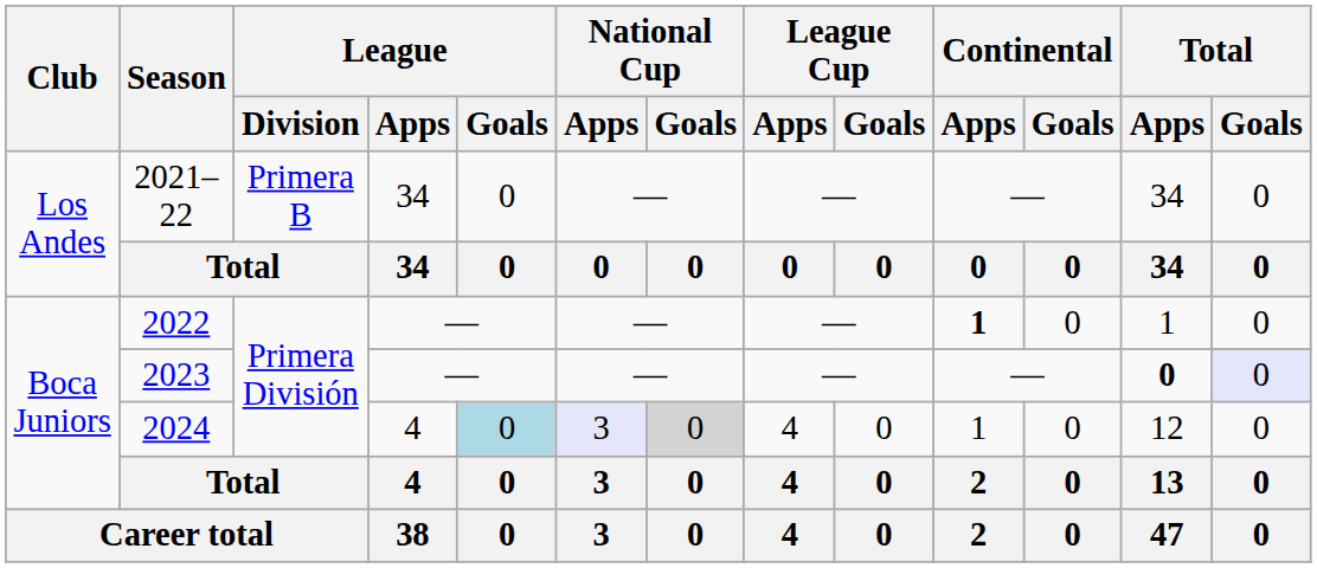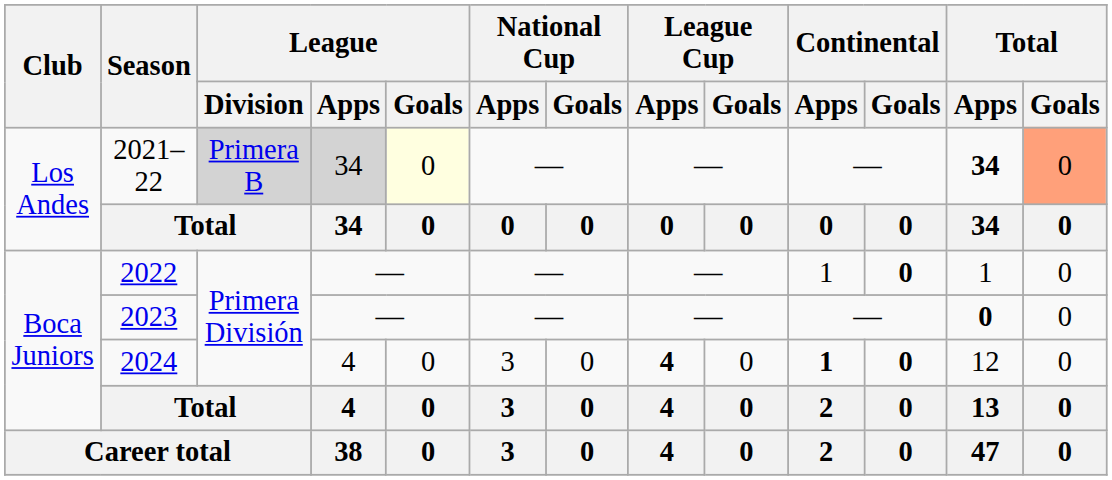 <table class="wikitable" style="text-align:center">
 <tr>
 <th rowspan="2">Club</th>
 <th rowspan="2">Season</th>
 <th colspan="3">League</th>
 <th colspan="2">National Cup</th>
 <th colspan="2">League Cup</th>
 <th colspan="2">Continental</th>
 <th colspan="2">Total</th>
 </tr>
 <tr>
 <th>Division</th>
 <th>Apps</th>
 <th>Goals</th>
 <th>Apps</th>
 <th>Goals</th>
 <th>Apps</th>
 <th>Goals</th>
 <th>Apps</th>
 <th>Goals</th>
 <th>Apps</th>
 <th>Goals</th>
 </tr>
 <tr>
 <td rowspan=2><a href='#'>Los Andes</a></td>
 <td>2021–22</td>
-<td><a href='#'>Primera B</a></td>
-<td>34</td>
-<td>0</td>
+<td style="background: lightgrey;"><a href='#'>Primera B</a></td>
+<td style="background: lightgrey;">34</td>
+<td style="background: lightyellow;">0</td>
 <td colspan="2">—</td>
 <td colspan="2">—</td>
 <td colspan="2">—</td>
-<td>34</td>
-<td>0</td>
+<td><strong>34</strong></td>
+<td style="background: lightsalmon;">0</td>
 </tr>
 <tr>
 <th colspan="2">Total</th>
 <th>34</th>
 <th>0</th>
 <th>0</th>
 <th>0</th>
 <th>0</th>
 <th>0</th>
 <th>0</th>
 <th>0</th>
 <th>34</th>
 <th>0</th>
 </tr>
 <tr>
 <td rowspan="4"><a href='#'>Boca Juniors</a></td>
 <td><a href='#'>2022</a></td>
 <td rowspan="3"><a href='#'>Primera División</a></td>
 <td colspan="2">—</td>
 <td colspan="2">—</td>
 <td colspan="2">—</td>
-<td><strong>1</strong></td>
-<td>0</td>
+<td>1</td>
+<td><strong>0</strong></td>
 <td>1</td>
 <td>0</td>
 </tr>
 <tr>
 <td><a href='#'>2023</a></td>
 <td colspan="2">—</td>
 <td colspan="2">—</td>
 <td colspan="2">—</td>
 <td colspan="2">—</td>
 <td><strong>0</strong></td>
-<td style="background: lavender;">0</td>
+<td>0</td>
 </tr>
 <tr>
 <td><a href='#'>2024</a></td>
 <td>4</td>
-<td style="background: lightblue;">0</td>
-<td style="background: lavender;">3</td>
-<td style="background: lightgrey;">0</td>
-<td>4</td>
 <td>0</td>
-<td>1</td>
+<td>3</td>
 <td>0</td>
+<td><strong>4</strong></td>
+<td>0</td>
+<td><strong>1</strong></td>
+<td><strong>0</strong></td>
 <td>12</td>
 <td>0</td>
 </tr>
 <tr>
 <th colspan="2">Total</th>
 <th>4</th>
 <th>0</th>
 <th>3</th>
 <th>0</th>
 <th>4</th>
 <th>0</th>
 <th>2</th>
 <th>0</th>
 <th>13</th>
 <th>0</th>
 </tr>
 <tr>
 <th colspan="3">Career total</th>
 <th>38</th>
 <th>0</th>
 <th>3</th>
 <th>0</th>
 <th>4</th>
 <th>0</th>
 <th>2</th>
 <th>0</th>
 <th>47</th>
 <th>0</th>
 </tr>
 </table>
